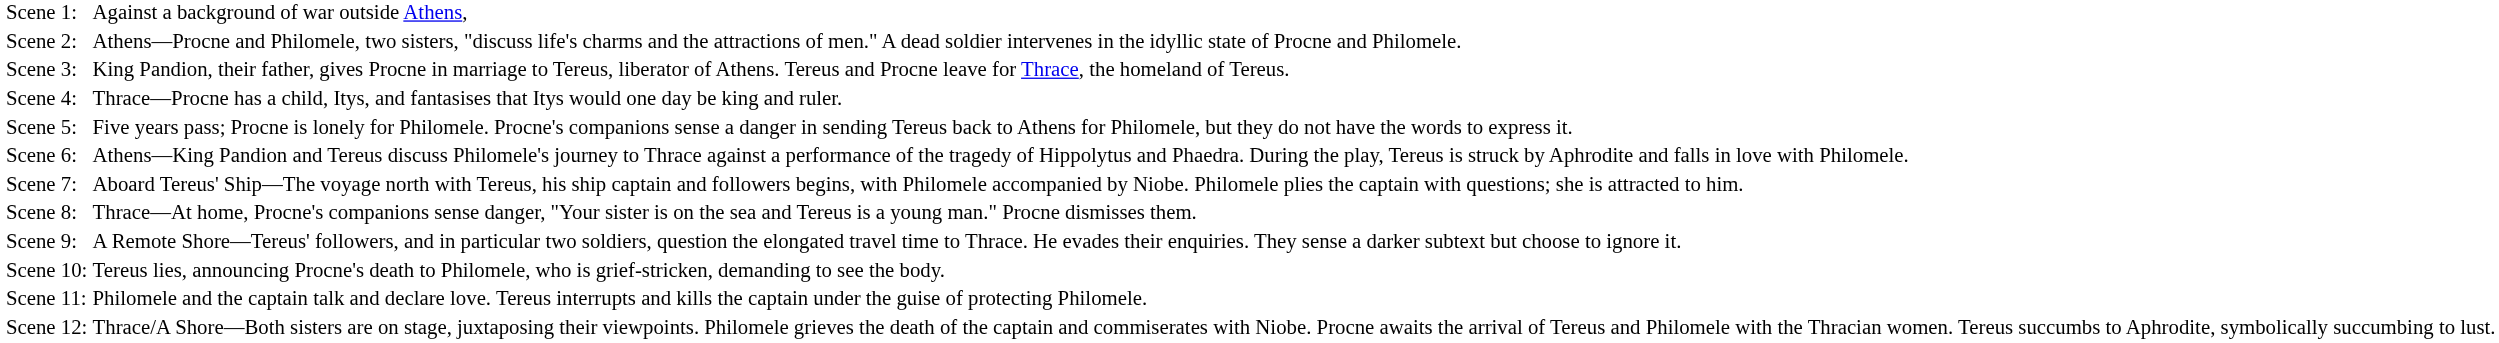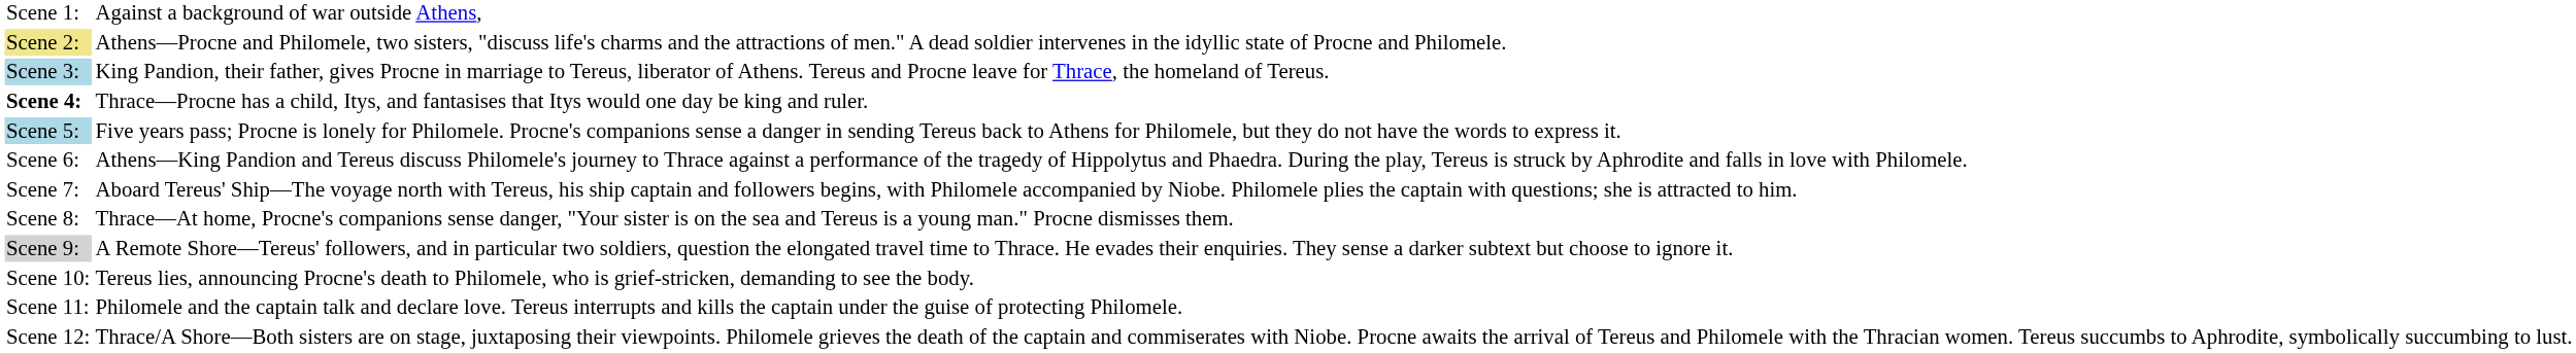 <table>
 <tr>
 <td>Scene 1:</td>
 <td>Against a background of war outside <a href='#'>Athens</a>,</td>
 </tr>
 <tr valign="top">
-<td>Scene 2:</td>
+<td style="background: khaki;">Scene 2:</td>
 <td>Athens—Procne and Philomele, two sisters, "discuss life's charms and the attractions of men." A dead soldier intervenes in the idyllic state of Procne and Philomele.</td>
 </tr>
 <tr valign="top">
-<td>Scene 3:</td>
+<td style="background: lightblue;">Scene 3:</td>
 <td>King Pandion, their father, gives Procne in marriage to Tereus, liberator of Athens. Tereus and Procne leave for <a href='#'>Thrace</a>, the homeland of Tereus.</td>
 </tr>
 <tr valign="top">
-<td>Scene 4:</td>
+<td><strong>Scene 4:</strong></td>
 <td>Thrace—Procne has a child, Itys, and fantasises that Itys would one day be king and ruler.</td>
 </tr>
 <tr valign="top">
-<td>Scene 5:</td>
+<td style="background: lightblue;">Scene 5:</td>
 <td>Five years pass; Procne is lonely for Philomele. Procne's companions sense a danger in sending Tereus back to Athens for Philomele, but they do not have the words to express it.</td>
 </tr>
 <tr valign="top">
 <td>Scene 6:</td>
 <td>Athens—King Pandion and Tereus discuss Philomele's journey to Thrace against a performance of the tragedy of Hippolytus and Phaedra. During the play, Tereus is struck by Aphrodite and falls in love with Philomele.</td>
 </tr>
 <tr valign="top">
 <td>Scene 7:</td>
 <td>Aboard Tereus' Ship—The voyage north with Tereus, his ship captain and followers begins, with Philomele accompanied by Niobe. Philomele plies the captain with questions; she is attracted to him.</td>
 </tr>
 <tr valign="top">
 <td>Scene 8:</td>
 <td>Thrace—At home, Procne's companions sense danger, "Your sister is on the sea and Tereus is a young man." Procne dismisses them.</td>
 </tr>
 <tr valign="top">
-<td>Scene 9:</td>
+<td style="background: lightgrey;">Scene 9:</td>
 <td>A Remote Shore—Tereus' followers, and in particular two soldiers, question the elongated travel time to Thrace. He evades their enquiries. They sense a darker subtext but choose to ignore it.</td>
 </tr>
 <tr valign="top">
 <td>Scene 10:</td>
 <td>Tereus lies, announcing Procne's death to Philomele, who is grief-stricken, demanding to see the body.</td>
 </tr>
 <tr valign="top">
 <td>Scene 11:</td>
 <td>Philomele and the captain talk and declare love. Tereus interrupts and kills the captain under the guise of protecting Philomele.</td>
 </tr>
 <tr valign="top">
 <td>Scene 12:</td>
 <td>Thrace/A Shore—Both sisters are on stage, juxtaposing their viewpoints. Philomele grieves the death of the captain and commiserates with Niobe. Procne awaits the arrival of Tereus and Philomele with the Thracian women. Tereus succumbs to Aphrodite, symbolically succumbing to lust.</td>
 </tr>
 </table>
